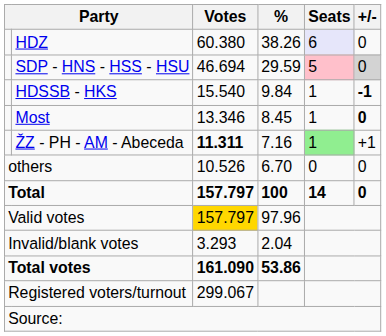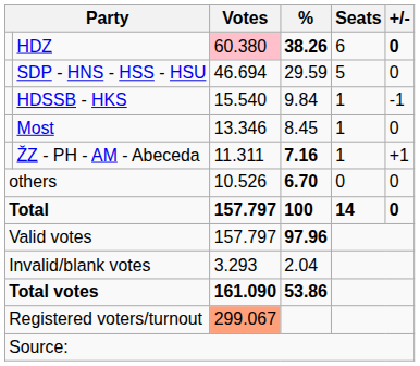 <table class="wikitable" style="text-align: left;">
 <tr>
 <th colspan="2">Party</th>
 <th>Votes</th>
 <th>%</th>
 <th>Seats</th>
 <th>+/-</th>
 </tr>
 <tr>
 <td style="background-color: "></td>
 <td><a href='#'>HDZ</a></td>
-<td>60.380</td>
-<td>38.26</td>
-<td style="background: lavender;">6</td>
-<td>0</td>
+<td style="background: pink;">60.380</td>
+<td><strong>38.26</strong></td>
+<td>6</td>
+<td><strong>0</strong></td>
 </tr>
 <tr>
 <td style="background-color: "></td>
 <td><a href='#'>SDP</a> - <a href='#'>HNS</a> - <a href='#'>HSS</a> - <a href='#'>HSU</a></td>
 <td>46.694</td>
 <td>29.59</td>
-<td style="background: pink;">5</td>
-<td style="background: lightgrey;">0</td>
+<td>5</td>
+<td>0</td>
 </tr>
 <tr>
 <td style="background-color: "></td>
 <td><a href='#'>HDSSB</a> - <a href='#'>HKS</a></td>
 <td>15.540</td>
 <td>9.84</td>
 <td>1</td>
-<td><strong>-1</strong></td>
+<td>-1</td>
 </tr>
 <tr>
 <td style="background-color: "></td>
 <td><a href='#'>Most</a></td>
 <td>13.346</td>
 <td>8.45</td>
 <td>1</td>
-<td><strong>0</strong></td>
+<td>0</td>
 </tr>
 <tr>
 <td style="background-color: "></td>
 <td><a href='#'>ŽZ</a> - PH - <a href='#'>AM</a> - Abeceda</td>
-<td><strong>11.311</strong></td>
-<td>7.16</td>
-<td style="background: lightgreen;">1</td>
+<td>11.311</td>
+<td><strong>7.16</strong></td>
+<td>1</td>
 <td>+1</td>
 </tr>
 <tr>
 <td colspan="2">others</td>
 <td>10.526</td>
-<td>6.70</td>
+<td><strong>6.70</strong></td>
 <td>0</td>
 <td>0</td>
 </tr>
 <tr>
 <td colspan="2"><strong>Total</strong></td>
 <td><strong>157.797</strong></td>
 <td><strong>100</strong></td>
 <td><strong>14</strong></td>
 <td><strong>0</strong></td>
 </tr>
 <tr>
 <td colspan="2">Valid votes</td>
-<td style="background: gold;">157.797</td>
-<td>97.96</td>
+<td>157.797</td>
+<td><strong>97.96</strong></td>
 <td colspan="2"></td>
 </tr>
 <tr>
 <td colspan="2">Invalid/blank votes</td>
 <td>3.293</td>
 <td>2.04</td>
 <td colspan="2"></td>
 </tr>
 <tr>
 <td colspan="2"><strong>Total votes</strong></td>
 <td><strong>161.090</strong></td>
 <td><strong>53.86</strong></td>
 <td colspan="2"></td>
 </tr>
 <tr>
 <td colspan="2">Registered voters/turnout</td>
-<td votes14="5343">299.067</td>
+<td votes14="5343" style="background: lightsalmon;">299.067</td>
 <td></td>
 <td colspan="2"></td>
 </tr>
 <tr>
 <td colspan="6">Source: </td>
 </tr>
 </table>
